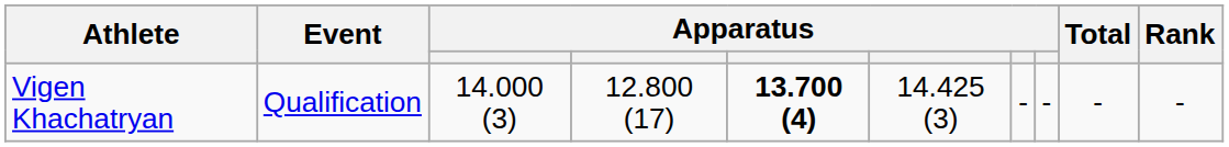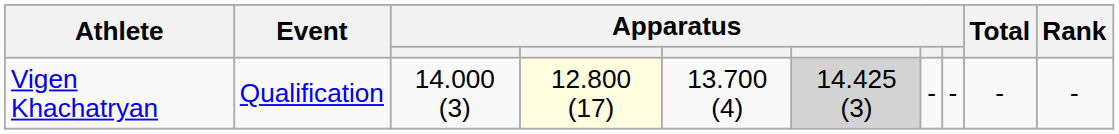 <table class="wikitable" style="font-size:90%">
 <tr>
 <th rowspan=2>Athlete</th>
 <th rowspan=2>Event</th>
 <th colspan =6>Apparatus</th>
 <th rowspan=2>Total</th>
 <th rowspan=2>Rank</th>
 </tr>
 <tr style="font-size:95%">
 <th></th>
 <th></th>
 <th></th>
 <th></th>
 <th></th>
 <th></th>
 </tr>
 <tr align=center>
 <td align=left><a href='#'>Vigen Khachatryan</a></td>
 <td align=left><a href='#'>Qualification</a></td>
 <td>14.000 (3)</td>
-<td>12.800 (17)</td>
-<td><strong>13.700 (4)</strong></td>
-<td>14.425 (3)</td>
+<td style="background: lightyellow;">12.800 (17)</td>
+<td>13.700 (4)</td>
+<td style="background: lightgrey;">14.425 (3)</td>
 <td>-</td>
 <td>-</td>
 <td>-</td>
 <td>-</td>
 </tr>
 </table>
